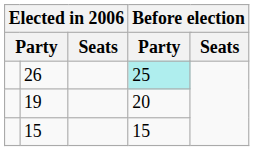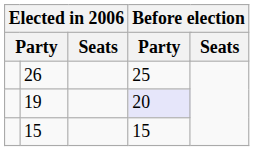 <table class="wikitable">
 <tr>
 <th colspan=3>Elected in 2006</th>
 <th colspan=3>Before election</th>
 </tr>
 <tr>
 <th colspan=2>Party</th>
 <th>Seats</th>
 <th colspan=2>Party</th>
 <th>Seats</th>
 </tr>
 <tr>
 <td></td>
 <td>26</td>
 <td></td>
-<td style="background: paleturquoise;">25</td>
+<td>25</td>
 </tr>
 <tr>
 <td></td>
 <td>19</td>
 <td></td>
-<td>20</td>
+<td style="background: lavender;">20</td>
 </tr>
 <tr>
 <td></td>
 <td>15</td>
 <td></td>
 <td>15</td>
 </tr>
 </table>
